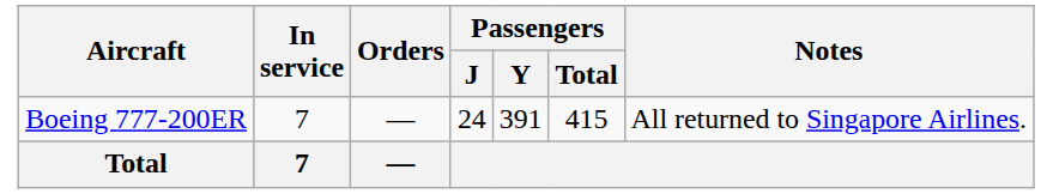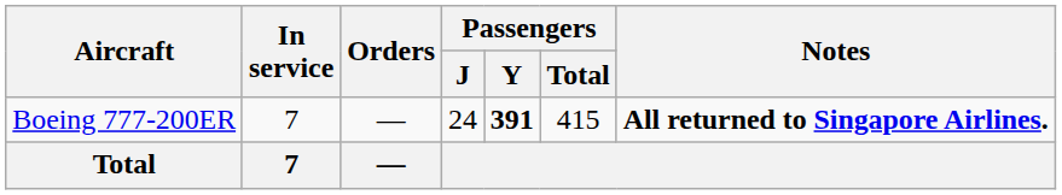 <table class="wikitable" style="border-collapse:collapse; text-align:center; margin-left: auto; margin-right: auto; margin: auto;">
 <tr>
 <th rowspan=2>Aircraft</th>
 <th rowspan=2>In <br>service</th>
 <th rowspan=2>Orders</th>
 <th colspan=3>Passengers</th>
 <th rowspan=2>Notes</th>
 </tr>
 <tr>
 <th><abbr>J</abbr></th>
 <th><abbr>Y</abbr></th>
 <th>Total</th>
 </tr>
 <tr>
 <td><a href='#'>Boeing 777-200ER</a></td>
 <td>7</td>
 <td>—</td>
 <td>24</td>
-<td>391</td>
+<td><strong>391</strong></td>
 <td>415</td>
-<td>All returned to <a href='#'>Singapore Airlines</a>.</td>
+<td><strong>All returned to <a href='#'>Singapore Airlines</a>.</strong></td>
 </tr>
 <tr>
 <th>Total</th>
 <th>7</th>
 <th>—</th>
 <th colspan=4></th>
 </tr>
 </table>
